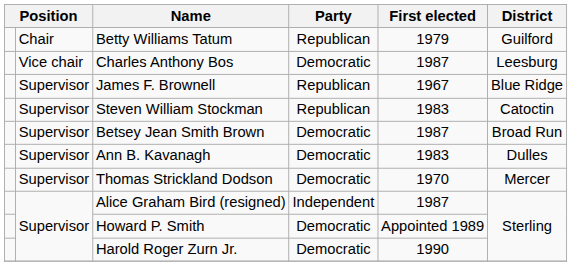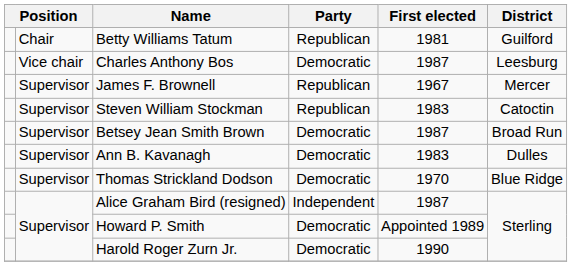 <table class="wikitable">
 <tr>
 <th colspan="2" align="center" valign="bottom">Position</th>
 <th style="text-align:center;">Name</th>
 <th valign="bottom">Party</th>
 <th valign="bottom" align="center">First elected</th>
 <th valign="bottom" align="center">District</th>
 </tr>
 <tr>
 <td style="background-color:"> </td>
 <td>Chair</td>
 <td>Betty Williams Tatum</td>
 <td style="text-align:center;">Republican</td>
-<td style="text-align:center;">1979</td>
+<td style="text-align:center;">1981</td>
 <td style="text-align:center;">Guilford</td>
 </tr>
 <tr>
 <td style="background-color:"> </td>
 <td>Vice chair</td>
 <td>Charles Anthony Bos</td>
 <td style="text-align:center;">Democratic</td>
 <td style="text-align:center;">1987</td>
 <td style="text-align:center;">Leesburg</td>
 </tr>
 <tr>
 <td style="background-color:"> </td>
 <td>Supervisor</td>
 <td>James F. Brownell</td>
 <td style="text-align:center;">Republican</td>
 <td style="text-align:center;">1967</td>
-<td style="text-align:center;">Blue Ridge</td>
+<td style="text-align:center;">Mercer</td>
 </tr>
 <tr>
 <td style="background-color:"> </td>
 <td>Supervisor</td>
 <td>Steven William Stockman</td>
 <td style="text-align:center;">Republican</td>
 <td style="text-align:center;">1983</td>
 <td style="text-align:center;">Catoctin</td>
 </tr>
 <tr>
 <td style="background-color:"> </td>
 <td>Supervisor</td>
 <td>Betsey Jean Smith Brown</td>
 <td style="text-align:center;">Democratic</td>
 <td style="text-align:center;">1987</td>
 <td style="text-align:center;">Broad Run</td>
 </tr>
 <tr>
 <td style="background-color:"> </td>
 <td>Supervisor</td>
 <td>Ann B. Kavanagh</td>
 <td style="text-align:center;">Democratic</td>
 <td style="text-align:center;">1983</td>
 <td style="text-align:center;">Dulles</td>
 </tr>
 <tr>
 <td style="background-color:"> </td>
 <td>Supervisor</td>
 <td>Thomas Strickland Dodson</td>
 <td style="text-align:center;">Democratic</td>
 <td style="text-align:center;">1970</td>
-<td style="text-align:center;">Mercer</td>
+<td style="text-align:center;">Blue Ridge</td>
 </tr>
 <tr>
 <td style="background-color:"> </td>
 <td rowspan="3">Supervisor</td>
 <td>Alice Graham Bird (resigned)</td>
 <td style="text-align:center;">Independent</td>
 <td style="text-align:center;">1987</td>
 <td rowspan="3" style="text-align:center;">Sterling</td>
 </tr>
 <tr>
 <td style="background-color:"> </td>
 <td>Howard P. Smith</td>
 <td style="text-align:center;">Democratic</td>
 <td style="text-align:center;">Appointed 1989</td>
 </tr>
 <tr>
 <td style="background-color:"> </td>
 <td>Harold Roger Zurn Jr.</td>
 <td style="text-align:center;">Democratic</td>
 <td style="text-align:center;">1990</td>
 </tr>
 <tr>
 </tr>
 </table>
